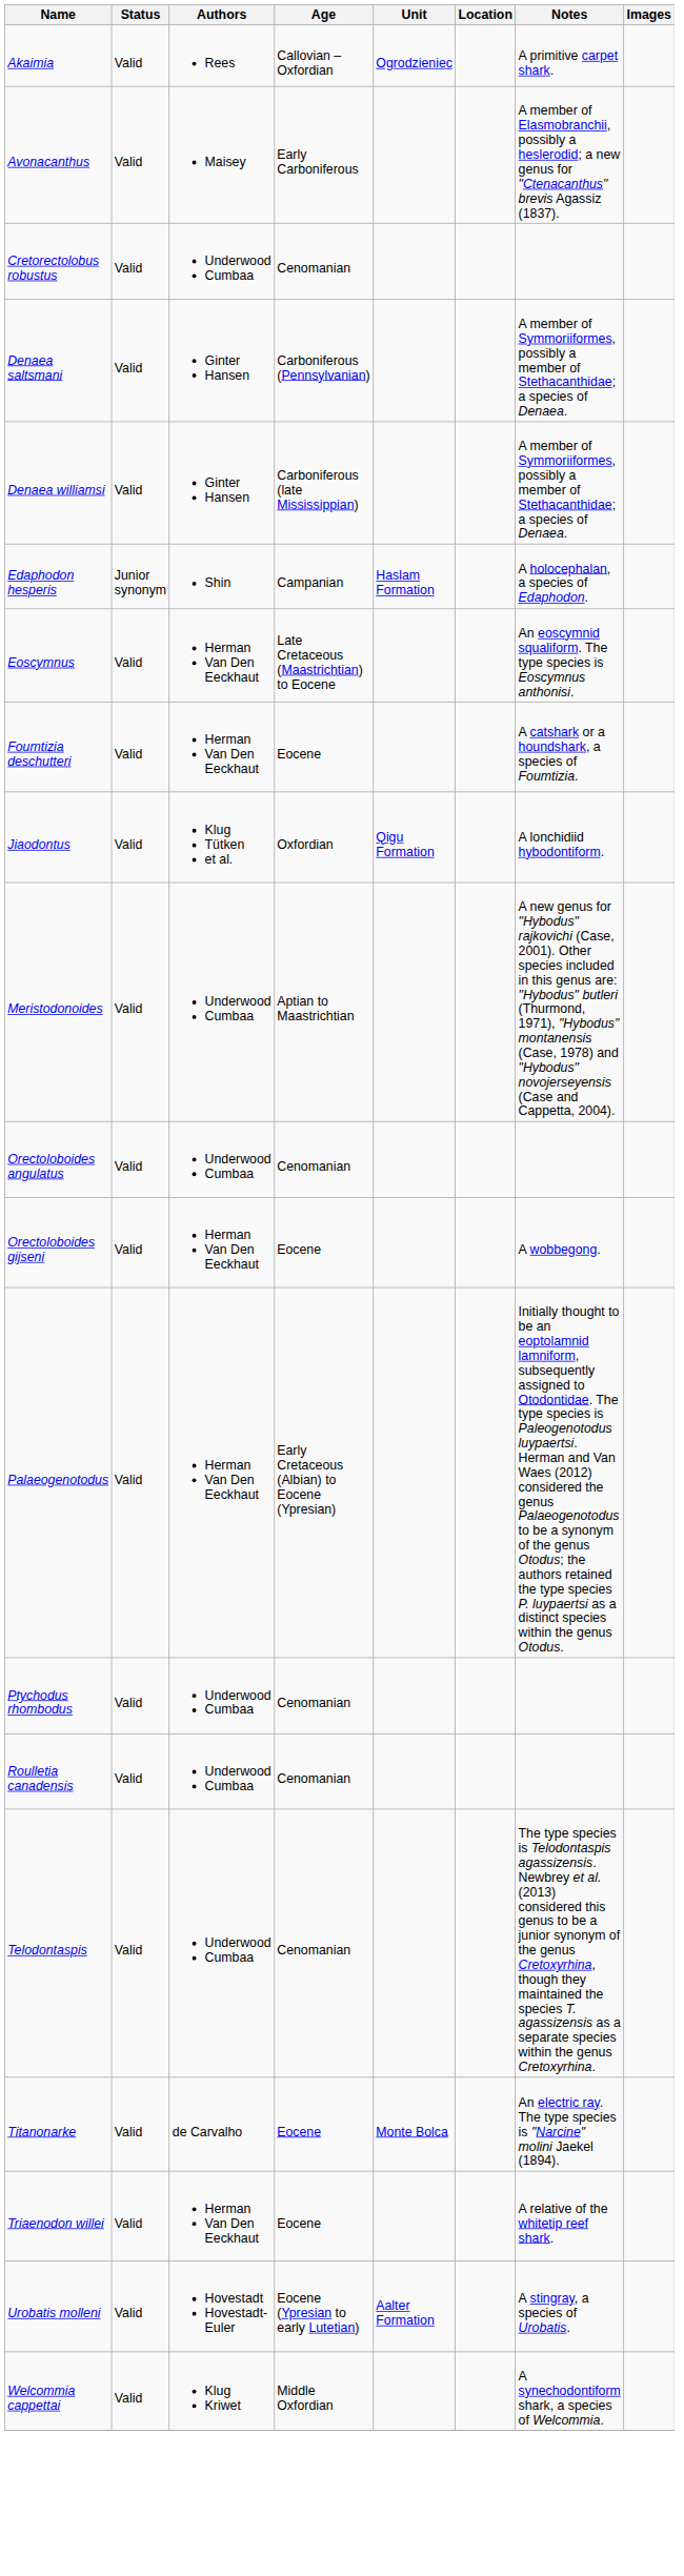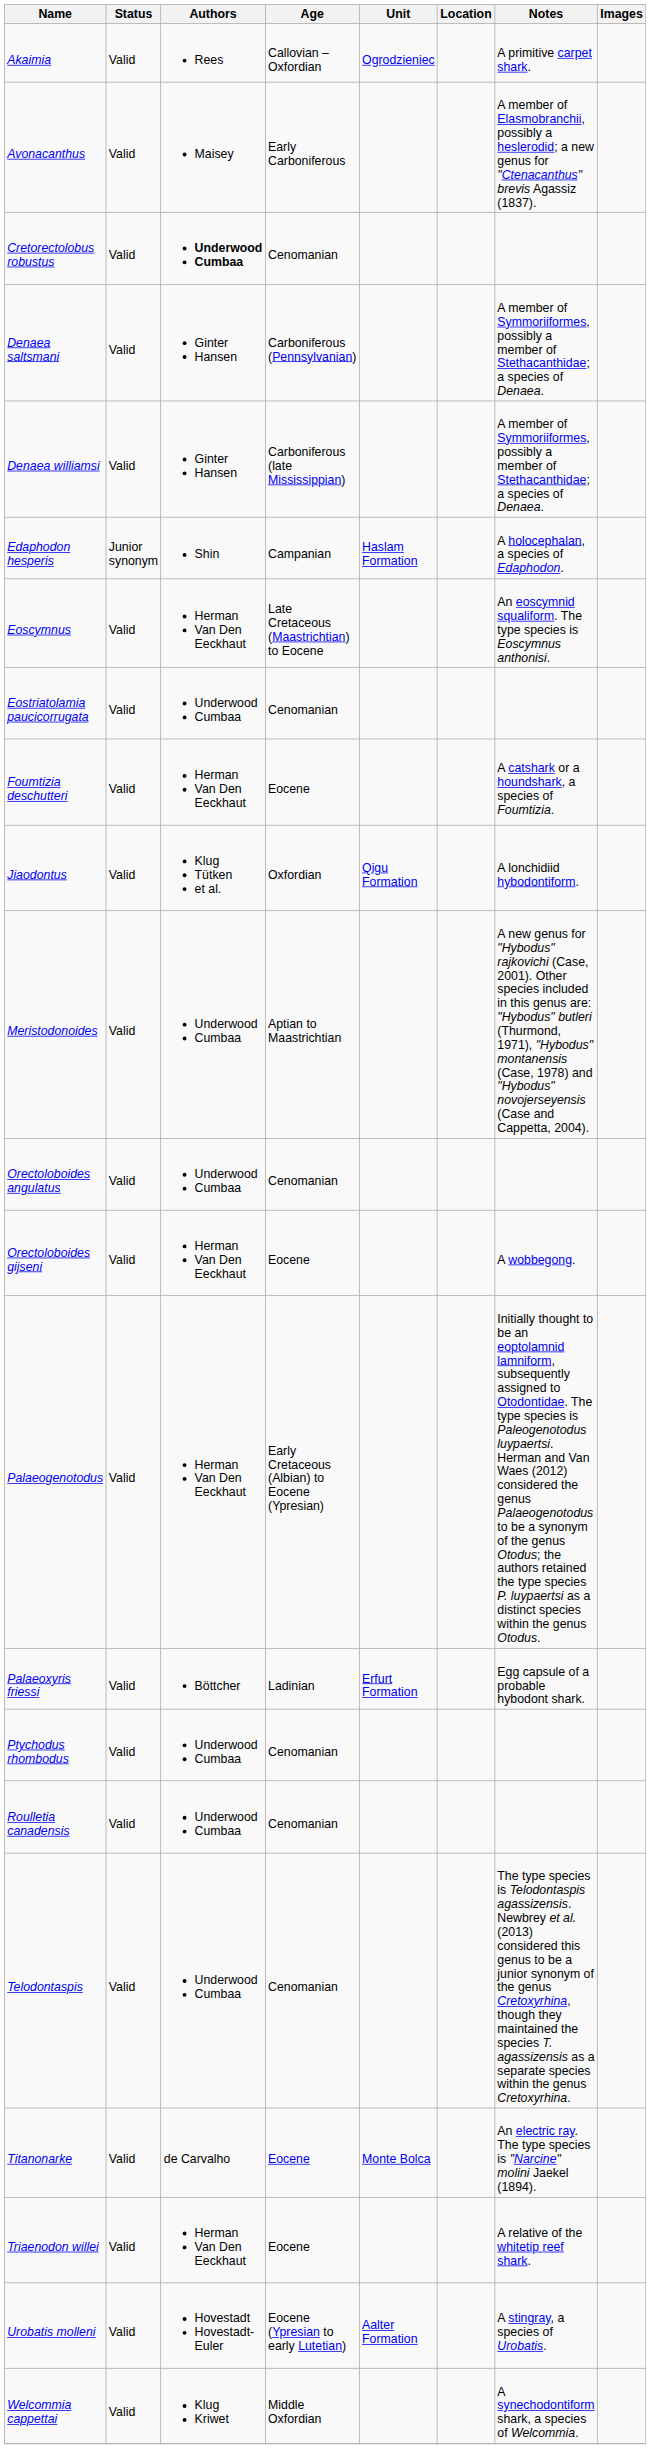 <table class="wikitable sortable" align="center" width="100%">
 <tr>
 <th>Name</th>
 <th>Status</th>
 <th>Authors</th>
 <th>Age</th>
 <th>Unit</th>
 <th>Location</th>
 <th>Notes</th>
 <th>Images</th>
 </tr>
 <tr>
 <td><br><em><a href='#'>Akaimia</a></em></td>
 <td><br>Valid</td>
 <td><br><ul><li>Rees</li></ul></td>
 <td><br>Callovian – Oxfordian</td>
 <td><br><a href='#'>Ogrodzieniec</a></td>
 <td><br></td>
 <td><br>A primitive <a href='#'>carpet shark</a>.</td>
 <td></td>
 </tr>
 <tr>
 <td><br><em><a href='#'>Avonacanthus</a></em></td>
 <td><br>Valid</td>
 <td><br><ul><li>Maisey</li></ul></td>
 <td><br>Early Carboniferous</td>
 <td></td>
 <td><br></td>
 <td><br>A member of <a href='#'>Elasmobranchii</a>, possibly a <a href='#'>heslerodid</a>; a new genus for <em>"<a href='#'>Ctenacanthus</a>" brevis</em> Agassiz (1837).</td>
 <td></td>
 </tr>
 <tr>
 <td><br><em><a href='#'>Cretorectolobus robustus</a></em></td>
 <td><br>Valid</td>
-<td><br><ul><li>Underwood</li><li>Cumbaa</li></ul></td>
+<td><strong><br><ul><li>Underwood</li><li>Cumbaa</li></ul></strong></td>
 <td><br>Cenomanian</td>
 <td></td>
 <td><br></td>
 <td></td>
 <td></td>
 </tr>
 <tr>
 <td><br><em><a href='#'>Denaea saltsmani</a></em></td>
 <td><br>Valid</td>
 <td><br><ul><li>Ginter</li><li>Hansen</li></ul></td>
 <td><br>Carboniferous (<a href='#'>Pennsylvanian</a>)</td>
 <td></td>
 <td><br></td>
 <td><br>A member of <a href='#'>Symmoriiformes</a>, possibly a member of <a href='#'>Stethacanthidae</a>; a species of <em>Denaea</em>.</td>
 <td></td>
 </tr>
 <tr>
 <td><br><em><a href='#'>Denaea williamsi</a></em></td>
 <td><br>Valid</td>
 <td><br><ul><li>Ginter</li><li>Hansen</li></ul></td>
 <td><br>Carboniferous (late <a href='#'>Mississippian</a>)</td>
 <td></td>
 <td><br><br> <br> <br> </td>
 <td><br>A member of <a href='#'>Symmoriiformes</a>, possibly a member of <a href='#'>Stethacanthidae</a>; a species of <em>Denaea</em>.</td>
 <td></td>
 </tr>
 <tr>
 <td><br><em><a href='#'>Edaphodon hesperis</a></em></td>
 <td><br>Junior synonym</td>
 <td><br><ul><li>Shin</li></ul></td>
 <td><br>Campanian</td>
 <td><br><a href='#'>Haslam Formation</a></td>
 <td><br></td>
 <td><br>A <a href='#'>holocephalan</a>, a species of <em><a href='#'>Edaphodon</a></em>.</td>
 <td></td>
 </tr>
 <tr>
 <td><br><em><a href='#'>Eoscymnus</a></em></td>
 <td><br>Valid</td>
 <td><br><ul><li>Herman</li><li>Van Den Eeckhaut</li></ul></td>
 <td><br>Late Cretaceous (<a href='#'>Maastrichtian</a>) to Eocene</td>
 <td></td>
 <td><br><br> <br> <br> </td>
 <td><br>An <a href='#'>eoscymnid</a> <a href='#'>squaliform</a>. The type species is <em>Eoscymnus anthonisi</em>.</td>
+<td></td>
+</tr>
+<tr>
+<td><br><em><a href='#'>Eostriatolamia paucicorrugata</a></em></td>
+<td><br>Valid</td>
+<td><br><ul><li>Underwood</li><li>Cumbaa</li></ul></td>
+<td><br>Cenomanian</td>
+<td></td>
+<td><br></td>
+<td></td>
 <td></td>
 </tr>
 <tr>
 <td><br><em><a href='#'>Foumtizia deschutteri</a></em></td>
 <td><br>Valid</td>
 <td><br><ul><li>Herman</li><li>Van Den Eeckhaut</li></ul></td>
 <td><br>Eocene</td>
 <td></td>
 <td><br></td>
 <td><br>A <a href='#'>catshark</a> or a <a href='#'>houndshark</a>, a species of <em>Foumtizia</em>.</td>
 <td></td>
 </tr>
 <tr>
 <td><br><em><a href='#'>Jiaodontus</a></em></td>
 <td><br>Valid</td>
 <td><br><ul><li>Klug</li><li>Tütken</li><li>et al.</li></ul></td>
 <td><br>Oxfordian</td>
 <td><br><a href='#'>Qigu Formation</a></td>
 <td><br></td>
 <td><br>A lonchidiid <a href='#'>hybodontiform</a>.</td>
 <td></td>
 </tr>
 <tr>
 <td><br><em><a href='#'>Meristodonoides</a></em></td>
 <td><br>Valid</td>
 <td><br><ul><li>Underwood</li><li>Cumbaa</li></ul></td>
 <td><br>Aptian to Maastrichtian</td>
 <td></td>
 <td><br> </td>
 <td><br>A new genus for <em>"Hybodus" rajkovichi</em> (Case, 2001). Other species included in this genus are: <em>"Hybodus" butleri</em> (Thurmond, 1971), <em>"Hybodus" montanensis</em> (Case, 1978) and <em>"Hybodus" novojerseyensis</em> (Case and Cappetta, 2004).</td>
 <td></td>
 </tr>
 <tr>
 <td><br><em><a href='#'>Orectoloboides angulatus</a></em></td>
 <td><br>Valid</td>
 <td><br><ul><li>Underwood</li><li>Cumbaa</li></ul></td>
 <td><br>Cenomanian</td>
 <td></td>
 <td><br></td>
 <td></td>
 <td></td>
 </tr>
 <tr>
 <td><br><em><a href='#'>Orectoloboides gijseni</a></em></td>
 <td><br>Valid</td>
 <td><br><ul><li>Herman</li><li>Van Den Eeckhaut</li></ul></td>
 <td><br>Eocene</td>
 <td></td>
 <td><br></td>
 <td><br>A <a href='#'>wobbegong</a>.</td>
 <td></td>
 </tr>
 <tr>
 <td><br><em><a href='#'>Palaeogenotodus</a></em></td>
 <td><br>Valid</td>
 <td><br><ul><li>Herman</li><li>Van Den Eeckhaut</li></ul></td>
 <td><br>Early Cretaceous (Albian) to Eocene (Ypresian)</td>
 <td></td>
 <td><br><br> <br> <br> <br> </td>
 <td><br>Initially thought to be an <a href='#'>eoptolamnid</a> <a href='#'>lamniform</a>, subsequently assigned to <a href='#'>Otodontidae</a>. The type species is <em>Paleogenotodus luypaertsi</em>. Herman and Van Waes (2012) considered the genus <em>Palaeogenotodus</em> to be a synonym of the genus <em>Otodus</em>; the authors retained the type species <em>P. luypaertsi</em> as a distinct species within the genus <em>Otodus</em>.</td>
+<td></td>
+</tr>
+<tr>
+<td><br><em><a href='#'>Palaeoxyris friessi</a></em></td>
+<td><br>Valid</td>
+<td><br><ul><li>Böttcher</li></ul></td>
+<td><br>Ladinian</td>
+<td><br><a href='#'>Erfurt Formation</a></td>
+<td><br></td>
+<td><br>Egg capsule of a probable hybodont shark.</td>
 <td></td>
 </tr>
 <tr>
 <td><br><em><a href='#'>Ptychodus rhombodus</a></em></td>
 <td><br>Valid</td>
 <td><br><ul><li>Underwood</li><li>Cumbaa</li></ul></td>
 <td><br>Cenomanian</td>
 <td></td>
 <td><br></td>
 <td></td>
 <td></td>
 </tr>
 <tr>
 <td><br><em><a href='#'>Roulletia canadensis</a></em></td>
 <td><br>Valid</td>
 <td><br><ul><li>Underwood</li><li>Cumbaa</li></ul></td>
 <td><br>Cenomanian</td>
 <td></td>
 <td><br></td>
 <td></td>
 <td></td>
 </tr>
 <tr>
 <td><br><em><a href='#'>Telodontaspis</a></em></td>
 <td><br>Valid</td>
 <td><br><ul><li>Underwood</li><li>Cumbaa</li></ul></td>
 <td><br>Cenomanian</td>
 <td></td>
 <td><br></td>
 <td><br>The type species is <em>Telodontaspis agassizensis</em>. Newbrey <em>et al.</em> (2013) considered this genus to be a junior synonym of the genus <em><a href='#'>Cretoxyrhina</a></em>, though they maintained the species <em>T. agassizensis</em> as a separate species within the genus <em>Cretoxyrhina</em>.</td>
 <td></td>
 </tr>
 <tr>
 <td><br><em><a href='#'>Titanonarke</a></em></td>
 <td><br>Valid</td>
 <td><br>de Carvalho</td>
 <td><br><a href='#'>Eocene</a></td>
 <td><br><a href='#'>Monte Bolca</a></td>
 <td><br></td>
 <td><br>An <a href='#'>electric ray</a>. The type species is <em>"<a href='#'>Narcine</a>" molini</em> Jaekel (1894).</td>
 <td></td>
 </tr>
 <tr>
 <td><br><em><a href='#'>Triaenodon willei</a></em></td>
 <td><br>Valid</td>
 <td><br><ul><li>Herman</li><li>Van Den Eeckhaut</li></ul></td>
 <td><br>Eocene</td>
 <td></td>
 <td><br></td>
 <td><br>A relative of the <a href='#'>whitetip reef shark</a>.</td>
 <td></td>
 </tr>
 <tr>
 <td><br><em><a href='#'>Urobatis molleni</a></em></td>
 <td><br>Valid</td>
 <td><br><ul><li>Hovestadt</li><li>Hovestadt-Euler</li></ul></td>
 <td><br>Eocene (<a href='#'>Ypresian</a> to early <a href='#'>Lutetian</a>)</td>
 <td><br><a href='#'>Aalter Formation</a></td>
 <td><br></td>
 <td><br>A <a href='#'>stingray</a>, a species of <em><a href='#'>Urobatis</a></em>.</td>
 <td></td>
 </tr>
 <tr>
 <td><br><em><a href='#'>Welcommia cappettai</a></em></td>
 <td><br>Valid</td>
 <td><br><ul><li>Klug</li><li>Kriwet</li></ul></td>
 <td><br>Middle Oxfordian</td>
 <td></td>
 <td><br></td>
 <td><br>A <a href='#'>synechodontiform</a> shark, a species of <em>Welcommia</em>.</td>
 <td></td>
 </tr>
 <tr>
 </tr>
 </table>
